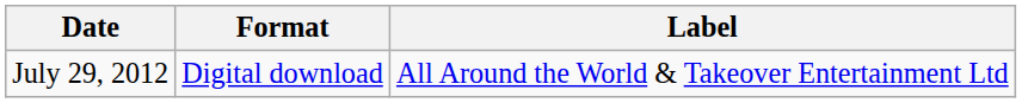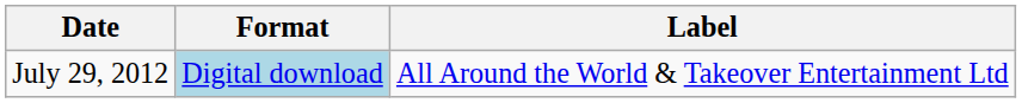 <table class=wikitable>
 <tr>
 <th>Date</th>
 <th>Format</th>
 <th>Label</th>
 </tr>
 <tr>
 <td>July 29, 2012</td>
-<td><a href='#'>Digital download</a></td>
+<td style="background: lightblue;"><a href='#'>Digital download</a></td>
 <td rowspan="1"><a href='#'>All Around the World</a> & <a href='#'>Takeover Entertainment Ltd</a></td>
 </tr>
 </table>
